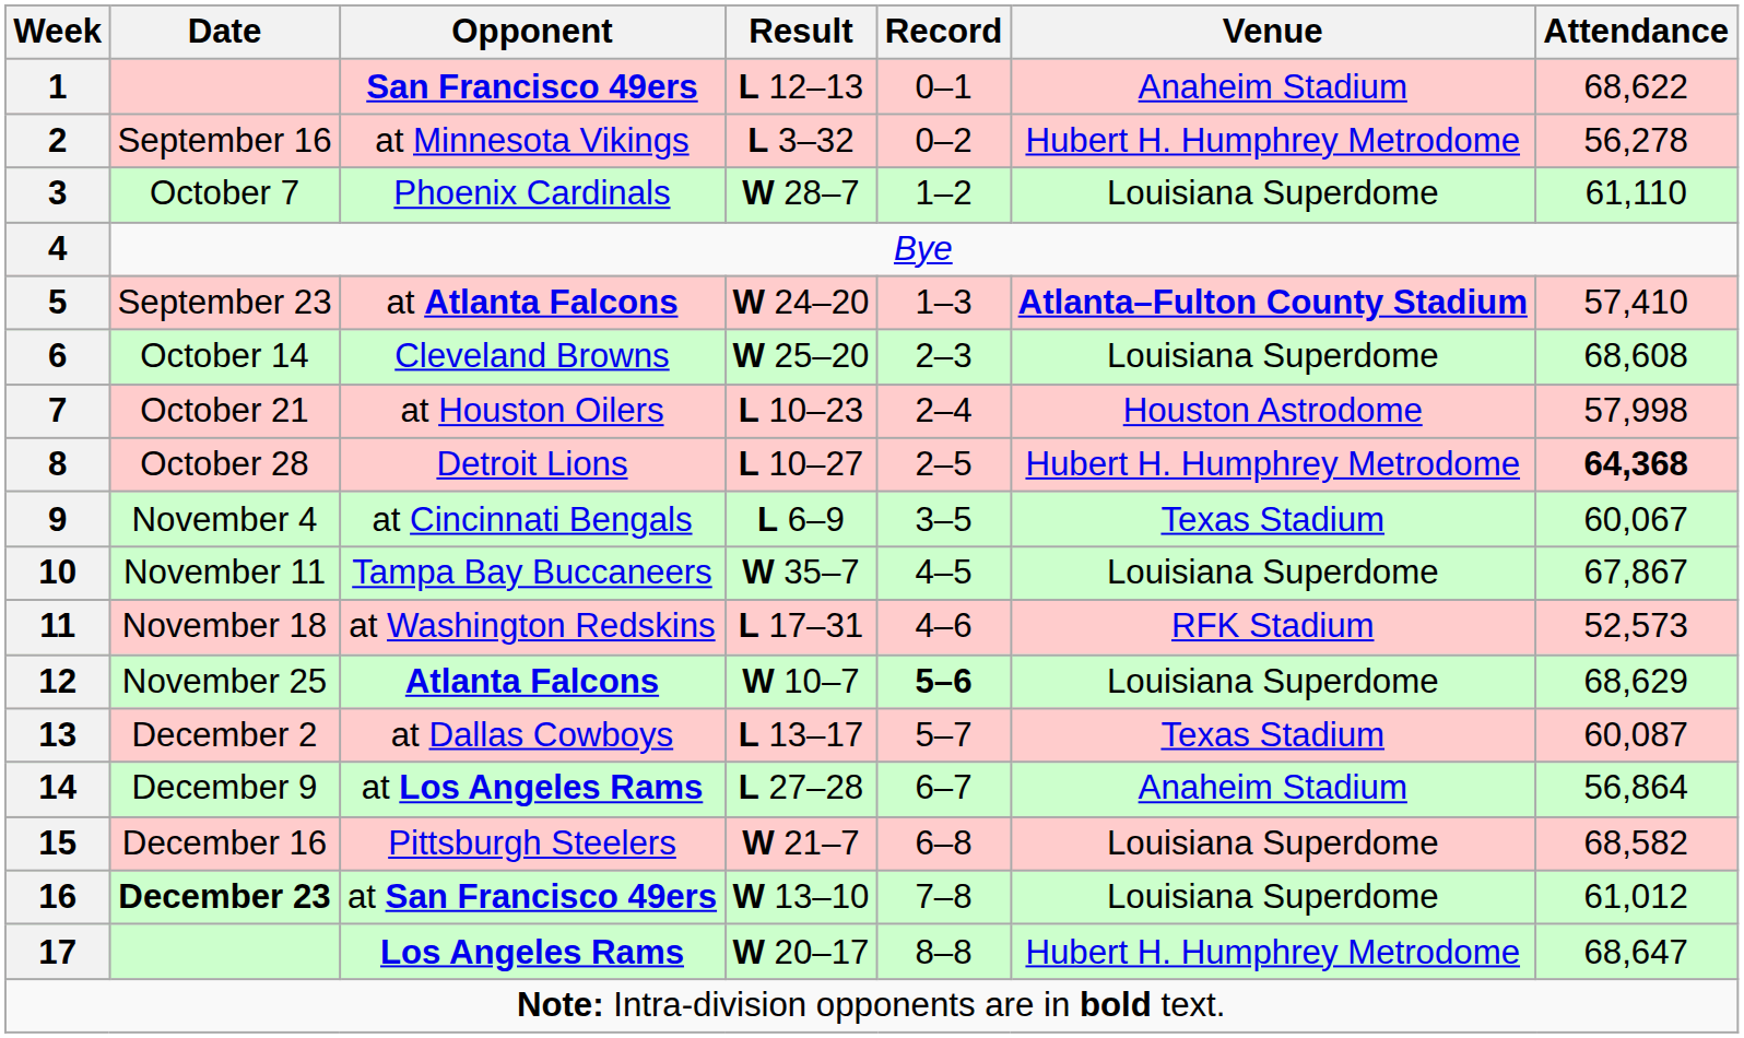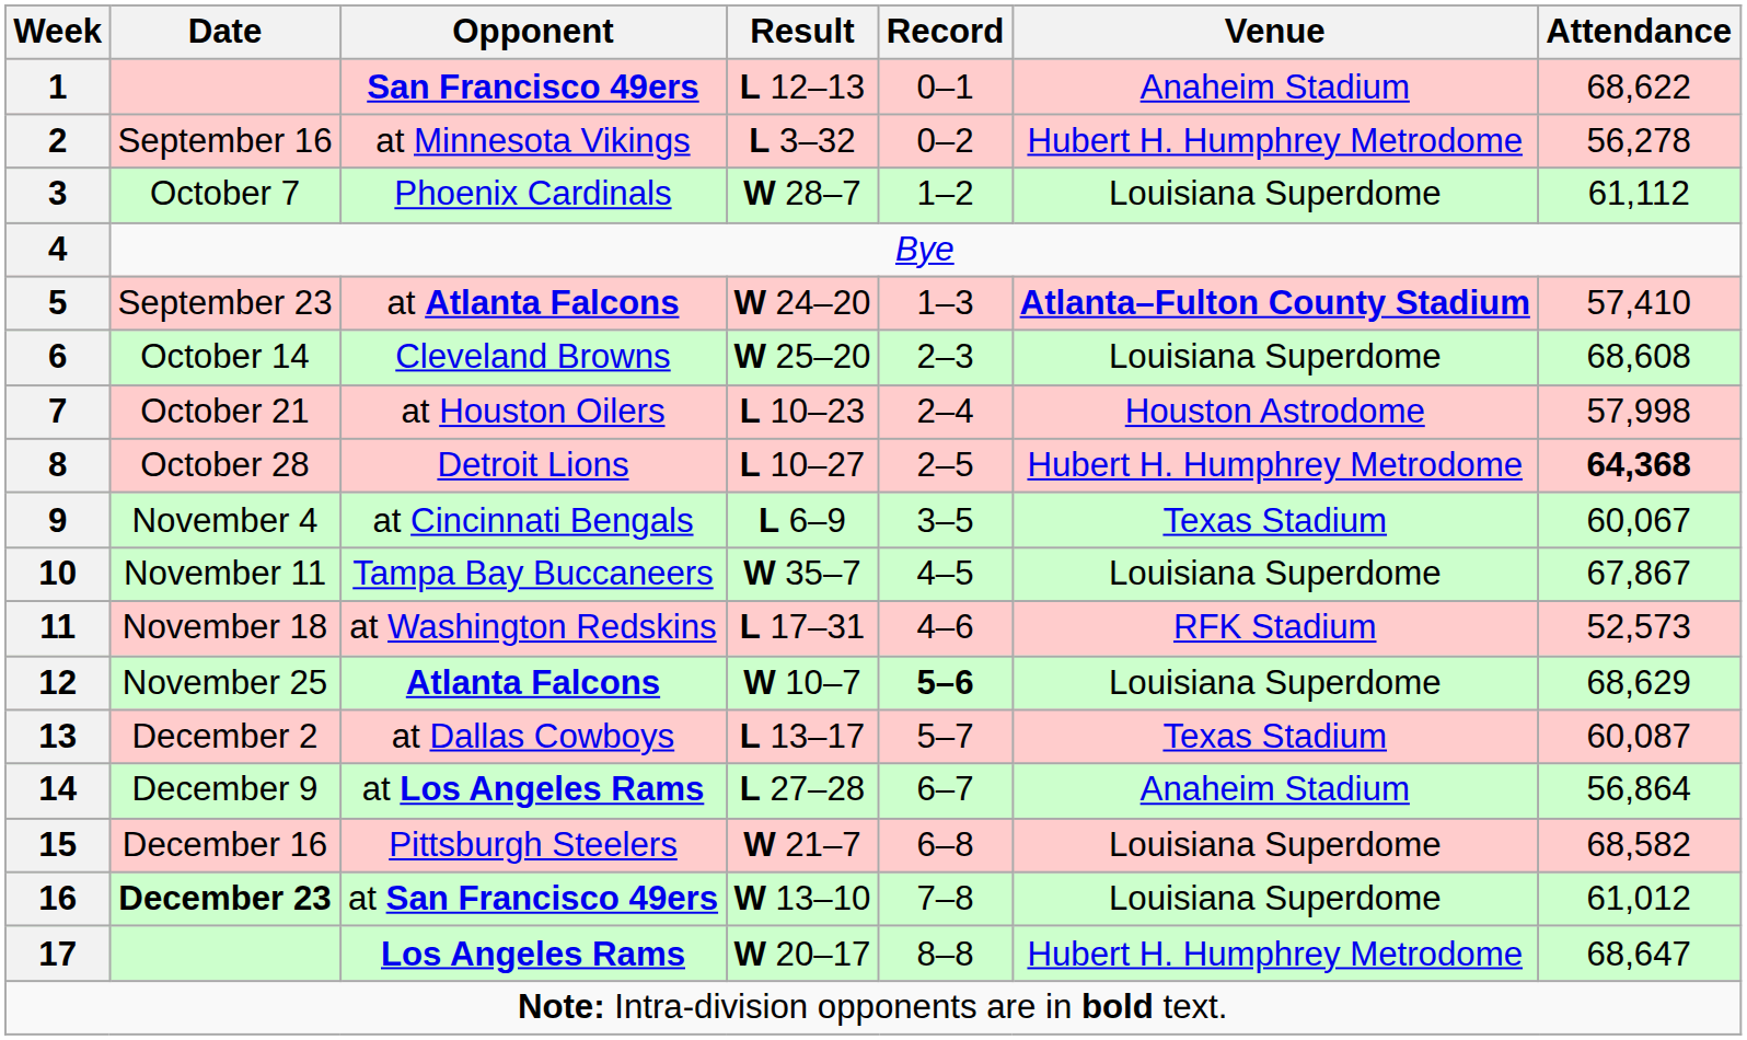 <table class="wikitable"  style="text-align: center;">
 <tr>
 <th>Week</th>
 <th>Date</th>
 <th>Opponent</th>
 <th>Result</th>
 <th>Record</th>
 <th>Venue</th>
 <th>Attendance</th>
 </tr>
 <tr style="background:#fcc">
 <th>1</th>
 <td></td>
 <td><strong><a href='#'>San Francisco 49ers</a></strong></td>
 <td><strong>L</strong> 12–13</td>
 <td>0–1</td>
 <td><a href='#'>Anaheim Stadium</a></td>
 <td>68,622</td>
 </tr>
 <tr style="background:#fcc">
 <th>2</th>
 <td>September 16</td>
 <td>at <a href='#'>Minnesota Vikings</a></td>
 <td><strong>L</strong> 3–32</td>
 <td>0–2</td>
 <td><a href='#'>Hubert H. Humphrey Metrodome</a></td>
 <td>56,278</td>
 </tr>
 <tr style="background:#cfc">
 <th>3</th>
 <td>October 7</td>
 <td><a href='#'>Phoenix Cardinals</a></td>
 <td><strong>W</strong> 28–7</td>
 <td>1–2</td>
 <td>Louisiana Superdome</td>
-<td>61,110</td>
+<td>61,112</td>
 </tr>
 <tr>
 <th>4</th>
 <td colspan="7"><em><a href='#'>Bye</a></em></td>
 </tr>
 <tr style="background:#fcc">
 <th>5</th>
 <td>September 23</td>
 <td>at <strong><a href='#'>Atlanta Falcons</a></strong></td>
 <td><strong>W</strong> 24–20</td>
 <td>1–3</td>
 <td><strong><a href='#'>Atlanta–Fulton County Stadium</a></strong></td>
 <td>57,410</td>
 </tr>
 <tr style="background:#cfc">
 <th>6</th>
 <td>October 14</td>
 <td><a href='#'>Cleveland Browns</a></td>
 <td><strong>W</strong> 25–20</td>
 <td>2–3</td>
 <td>Louisiana Superdome</td>
 <td>68,608</td>
 </tr>
 <tr style="background:#fcc">
 <th>7</th>
 <td>October 21</td>
 <td>at <a href='#'>Houston Oilers</a></td>
 <td><strong>L</strong> 10–23</td>
 <td>2–4</td>
 <td><a href='#'>Houston Astrodome</a></td>
 <td>57,998</td>
 </tr>
 <tr style="background:#fcc">
 <th>8</th>
 <td>October 28</td>
 <td><a href='#'>Detroit Lions</a></td>
 <td><strong>L</strong> 10–27</td>
 <td>2–5</td>
 <td><a href='#'>Hubert H. Humphrey Metrodome</a></td>
 <td><strong>64,368</strong></td>
 </tr>
 <tr style="background:#cfc">
 <th>9</th>
 <td>November 4</td>
 <td>at <a href='#'>Cincinnati Bengals</a></td>
 <td><strong>L</strong> 6–9</td>
 <td>3–5</td>
 <td><a href='#'>Texas Stadium</a></td>
 <td>60,067</td>
 </tr>
 <tr style="background:#cfc">
 <th>10</th>
 <td>November 11</td>
 <td><a href='#'>Tampa Bay Buccaneers</a></td>
 <td><strong>W</strong> 35–7</td>
 <td>4–5</td>
 <td>Louisiana Superdome</td>
 <td>67,867</td>
 </tr>
 <tr style="background:#fcc">
 <th>11</th>
 <td>November 18</td>
 <td>at <a href='#'>Washington Redskins</a></td>
 <td><strong>L</strong> 17–31</td>
 <td>4–6</td>
 <td><a href='#'>RFK Stadium</a></td>
 <td>52,573</td>
 </tr>
 <tr style="background:#cfc">
 <th>12</th>
 <td>November 25</td>
 <td><strong><a href='#'>Atlanta Falcons</a></strong></td>
 <td><strong>W</strong> 10–7</td>
 <td><strong>5–6</strong></td>
 <td>Louisiana Superdome</td>
 <td>68,629</td>
 </tr>
 <tr style="background:#fcc">
 <th>13</th>
 <td>December 2</td>
 <td>at <a href='#'>Dallas Cowboys</a></td>
 <td><strong>L</strong> 13–17</td>
 <td>5–7</td>
 <td><a href='#'>Texas Stadium</a></td>
 <td>60,087</td>
 </tr>
 <tr style="background:#cfc">
 <th>14</th>
 <td>December 9</td>
 <td>at <strong><a href='#'>Los Angeles Rams</a></strong></td>
 <td><strong>L</strong> 27–28</td>
 <td>6–7</td>
 <td><a href='#'>Anaheim Stadium</a></td>
 <td>56,864</td>
 </tr>
 <tr style="background:#fcc">
 <th>15</th>
 <td>December 16</td>
 <td><a href='#'>Pittsburgh Steelers</a></td>
 <td><strong>W</strong> 21–7</td>
 <td>6–8</td>
 <td>Louisiana Superdome</td>
 <td>68,582</td>
 </tr>
 <tr style="background:#cfc">
 <th>16</th>
 <td><strong>December 23</strong></td>
 <td>at <strong><a href='#'>San Francisco 49ers</a></strong></td>
 <td><strong>W</strong> 13–10</td>
 <td>7–8</td>
 <td>Louisiana Superdome</td>
 <td>61,012</td>
 </tr>
 <tr style="background:#cfc">
 <th>17</th>
 <td></td>
 <td><strong><a href='#'>Los Angeles Rams</a></strong></td>
 <td><strong>W</strong> 20–17</td>
 <td>8–8</td>
 <td><a href='#'>Hubert H. Humphrey Metrodome</a></td>
 <td>68,647</td>
 </tr>
 <tr>
 <td colspan="7"><strong>Note:</strong> Intra-division opponents are in <strong>bold</strong> text.</td>
 </tr>
 </table>
